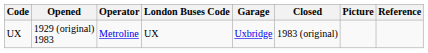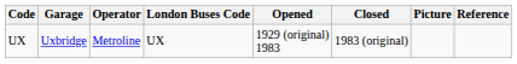 <table class="wikitable">
 <tr>
 <th>Code</th>
-<th>Opened</th>
+<th>Garage</th>
 <th>Operator</th>
 <th>London Buses Code</th>
-<th>Garage</th>
+<th>Opened</th>
 <th>Closed</th>
 <th>Picture</th>
 <th>Reference</th>
 </tr>
 <tr>
 <td>UX</td>
-<td>1929 (original)<br>1983</td>
+<td><a href='#'>Uxbridge</a></td>
 <td><a href='#'>Metroline</a></td>
 <td>UX</td>
-<td><a href='#'>Uxbridge</a></td>
+<td>1929 (original)<br>1983</td>
 <td>1983 (original)</td>
 <td></td>
 <td></td>
 </tr>
 </table>
